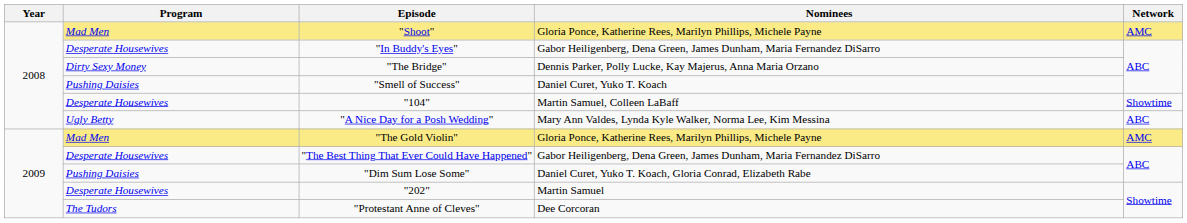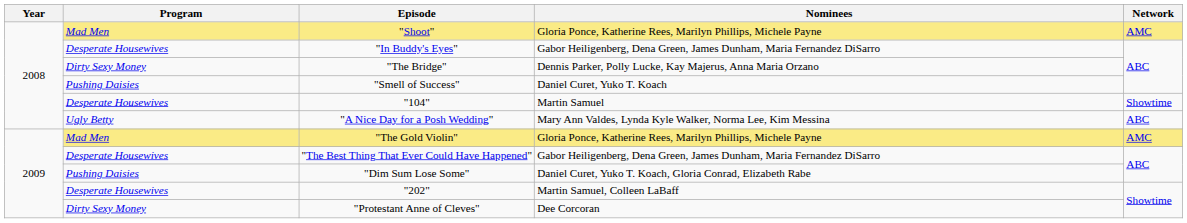 <table class="wikitable">
 <tr>
 <th width="5%">Year</th>
 <th width="20%">Program</th>
 <th width="20%">Episode</th>
 <th width="50%">Nominees</th>
 <th width="5%">Network</th>
 </tr>
 <tr>
 <td rowspan="6" style="text-align:center;">2008<br></td>
 <td style="background:#FAEB86;"><em><a href='#'>Mad Men</a></em></td>
 <td style="background:#FAEB86;" align=center>"<a href='#'>Shoot</a>"</td>
 <td style="background:#FAEB86;">Gloria Ponce, Katherine Rees, Marilyn Phillips, Michele Payne</td>
 <td style="background:#FAEB86;"><a href='#'>AMC</a></td>
 </tr>
 <tr>
 <td><em><a href='#'>Desperate Housewives</a></em></td>
 <td align=center>"<a href='#'>In Buddy's Eyes</a>"</td>
 <td>Gabor Heiligenberg, Dena Green, James Dunham, Maria Fernandez DiSarro</td>
 <td rowspan=3><a href='#'>ABC</a></td>
 </tr>
 <tr>
 <td><em><a href='#'>Dirty Sexy Money</a></em></td>
 <td align=center>"The Bridge"</td>
 <td>Dennis Parker, Polly Lucke, Kay Majerus, Anna Maria Orzano</td>
 </tr>
 <tr>
 <td><em><a href='#'>Pushing Daisies</a></em></td>
 <td align=center>"Smell of Success"</td>
 <td>Daniel Curet, Yuko T. Koach</td>
 </tr>
 <tr>
 <td><em><a href='#'>Desperate Housewives</a></em></td>
 <td align=center>"104"</td>
-<td>Martin Samuel, Colleen LaBaff</td>
+<td>Martin Samuel</td>
 <td><a href='#'>Showtime</a></td>
 </tr>
 <tr>
 <td><em><a href='#'>Ugly Betty</a></em></td>
 <td align=center>"<a href='#'>A Nice Day for a Posh Wedding</a>"</td>
 <td>Mary Ann Valdes, Lynda Kyle Walker, Norma Lee, Kim Messina</td>
 <td><a href='#'>ABC</a></td>
 </tr>
 <tr>
 <td rowspan="5" style="text-align:center;">2009<br></td>
 <td style="background:#FAEB86;"><em><a href='#'>Mad Men</a></em></td>
 <td style="background:#FAEB86;" align=center>"The Gold Violin"</td>
 <td style="background:#FAEB86;">Gloria Ponce, Katherine Rees, Marilyn Phillips, Michele Payne</td>
 <td style="background:#FAEB86;"><a href='#'>AMC</a></td>
 </tr>
 <tr>
 <td><em><a href='#'>Desperate Housewives</a></em></td>
 <td align=center>"<a href='#'>The Best Thing That Ever Could Have Happened</a>"</td>
 <td>Gabor Heiligenberg, Dena Green, James Dunham, Maria Fernandez DiSarro</td>
 <td rowspan=2><a href='#'>ABC</a></td>
 </tr>
 <tr>
 <td><em><a href='#'>Pushing Daisies</a></em></td>
 <td align=center>"Dim Sum Lose Some"</td>
 <td>Daniel Curet, Yuko T. Koach, Gloria Conrad, Elizabeth Rabe</td>
 </tr>
 <tr>
 <td><em><a href='#'>Desperate Housewives</a></em></td>
 <td align=center>"202"</td>
-<td>Martin Samuel</td>
+<td>Martin Samuel, Colleen LaBaff</td>
 <td rowspan=2><a href='#'>Showtime</a></td>
 </tr>
 <tr>
-<td><em><a href='#'>The Tudors</a></em></td>
+<td><em><a href='#'>Dirty Sexy Money</a></em></td>
 <td align=center>"Protestant Anne of Cleves"</td>
 <td>Dee Corcoran</td>
 </tr>
 </table>
